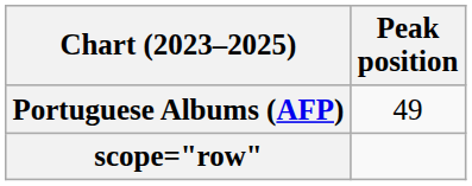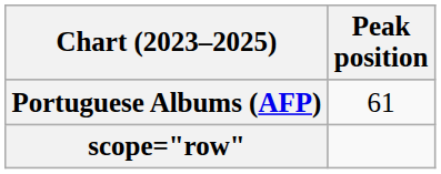 <table class="wikitable plainrowheaders" style="text-align:center;">
 <tr>
 <th scope="col">Chart (2023–2025)</th>
 <th scope="col">Peak<br>position</th>
 </tr>
 <tr>
 <th scope="row">Portuguese Albums (<a href='#'>AFP</a>)</th>
-<td>49</td>
+<td>61</td>
 </tr>
 <tr>
 <th>scope="row" </th>
 </tr>
 </table>
